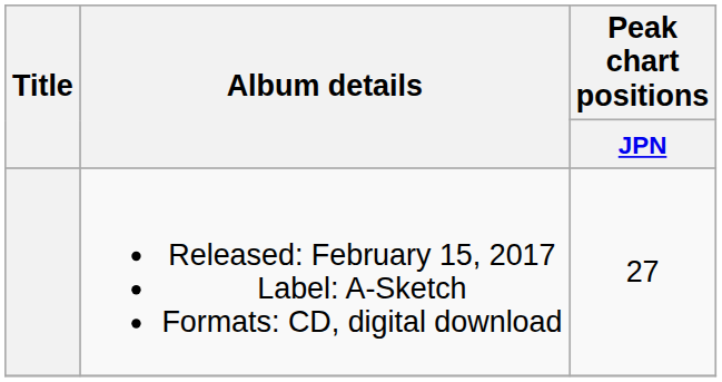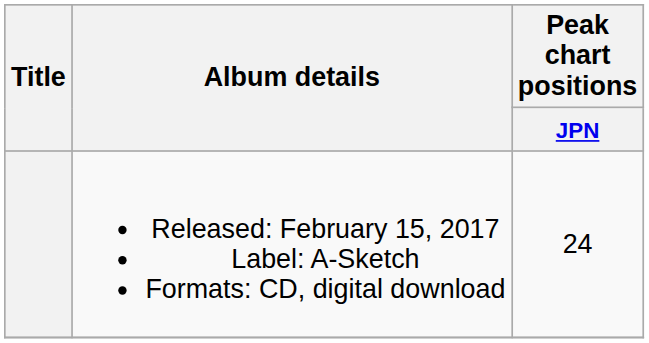 <table class="wikitable plainrowheaders" style="text-align:center;">
 <tr>
 <th scope="col" rowspan="2">Title</th>
 <th scope="col" rowspan="2">Album details</th>
 <th colspan="1">Peak chart positions</th>
 </tr>
 <tr>
 <th style="width:2.5em;"><small><a href='#'>JPN</a></small><br></th>
 </tr>
 <tr>
 <th scope="row"></th>
 <td><br><ul><li>Released: February 15, 2017</li><li>Label: A-Sketch</li><li>Formats: CD, digital download</li></ul></td>
-<td>27</td>
+<td>24</td>
 </tr>
 <tr>
 </tr>
 </table>
